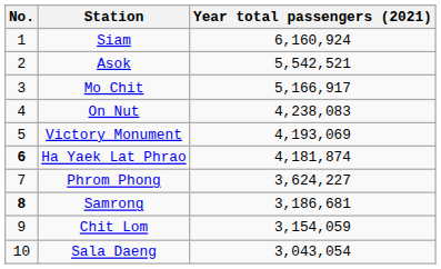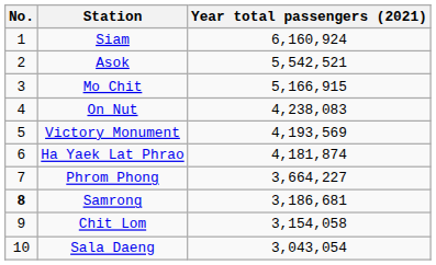 <table class="wikitable" style="margin:auto;font-align:center;text-align:center;font-size:80%;">
 <tr>
 <th>No.</th>
 <th>Station</th>
 <th>Year total passengers (2021)</th>
 </tr>
 <tr>
 <td>1</td>
 <td><a href='#'>Siam</a></td>
 <td>6,160,924</td>
 </tr>
 <tr>
 <td>2</td>
 <td><a href='#'>Asok</a></td>
 <td>5,542,521</td>
 </tr>
 <tr>
 <td>3</td>
 <td><a href='#'>Mo Chit</a></td>
-<td>5,166,917</td>
+<td>5,166,915</td>
 </tr>
 <tr>
 <td>4</td>
 <td><a href='#'>On Nut</a></td>
 <td>4,238,083</td>
 </tr>
 <tr>
 <td>5</td>
 <td><a href='#'>Victory Monument</a></td>
-<td>4,193,069</td>
+<td>4,193,569</td>
 </tr>
 <tr>
-<td><strong>6</strong></td>
+<td>6</td>
 <td><a href='#'>Ha Yaek Lat Phrao</a></td>
 <td>4,181,874</td>
 </tr>
 <tr>
 <td>7</td>
 <td><a href='#'>Phrom Phong</a></td>
-<td>3,624,227</td>
+<td>3,664,227</td>
 </tr>
 <tr>
 <td><strong>8</strong></td>
 <td><a href='#'>Samrong</a></td>
 <td>3,186,681</td>
 </tr>
 <tr>
 <td>9</td>
 <td><a href='#'>Chit Lom</a></td>
-<td>3,154,059</td>
+<td>3,154,058</td>
 </tr>
 <tr>
 <td>10</td>
 <td><a href='#'>Sala Daeng</a></td>
 <td>3,043,054</td>
 </tr>
 </table>
